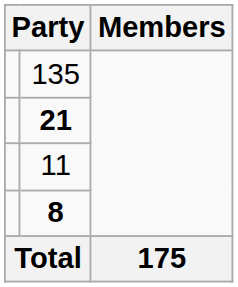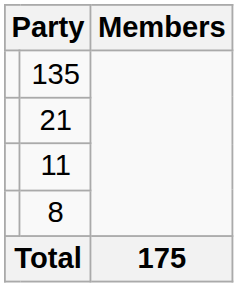 <table class="wikitable sortable">
 <tr>
 <th colspan="2">Party</th>
 <th>Members</th>
 </tr>
 <tr>
 <td></td>
 <td style="text-align: center;">135</td>
 </tr>
 <tr>
 <td></td>
-<td style="text-align: center;"><strong>21</strong></td>
+<td style="text-align: center;">21</td>
 </tr>
 <tr>
 <td></td>
 <td style="text-align: center;">11</td>
 </tr>
 <tr>
 <td></td>
-<td style="text-align: center;"><strong>8</strong></td>
+<td style="text-align: center;">8</td>
 </tr>
 <tr>
 <th colspan="2"><strong>Total</strong></th>
 <th>175</th>
 </tr>
 </table>
